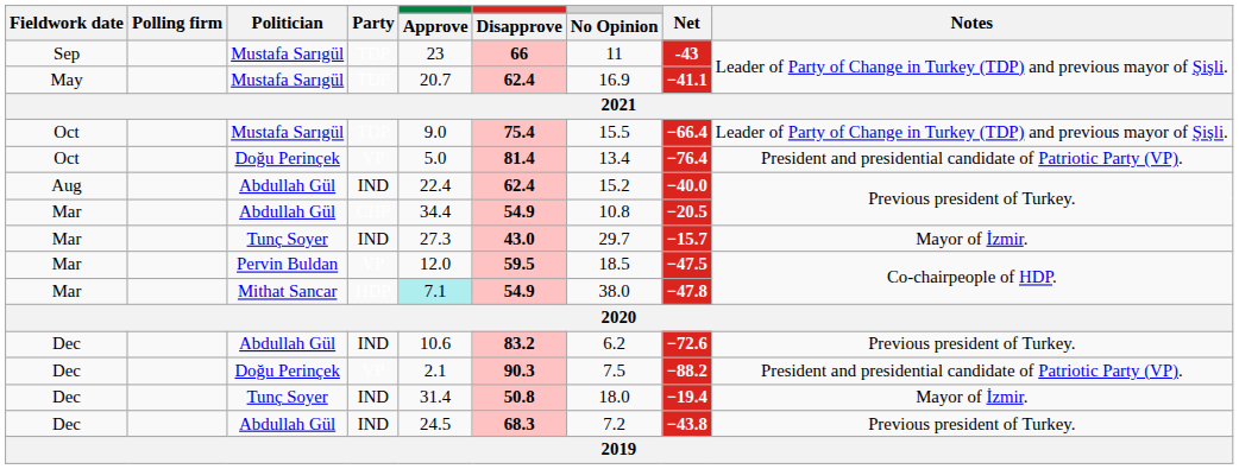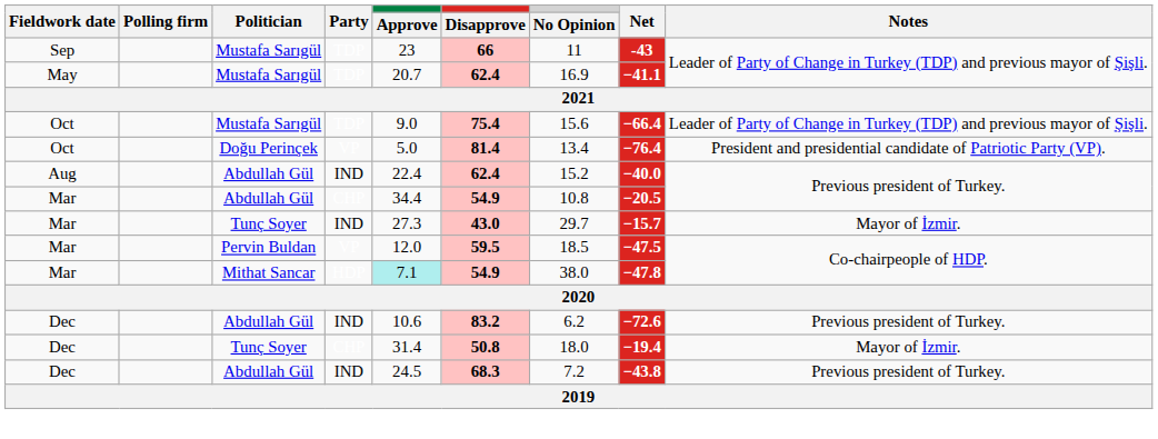 <table class="wikitable mw-collapsible" style="text-align:center; font-size:85%; line-height:14px;">
 <tr>
 <th rowspan="2">Fieldwork date</th>
 <th rowspan="2">Polling firm</th>
 <th rowspan="2">Politician</th>
 <th rowspan="2">Party</th>
 <th style="background: #008142;"></th>
 <th style="background: #DC241F;"></th>
 <th style="background: lightgrey;"></th>
 <th rowspan="2">Net</th>
 <th rowspan="2">Notes</th>
 </tr>
 <tr>
 <th>Approve</th>
 <th>Disapprove</th>
 <th>No Opinion</th>
 </tr>
 <tr>
 <td>Sep</td>
 <td></td>
 <td><a href='#'>Mustafa Sarıgül</a></td>
 <td style="color:white;background:">TDP</td>
 <td>23</td>
 <td style="background:#FFC2C2"><strong>66</strong></td>
 <td>11</td>
 <th style="background:#DC241F; color:white;">-43</th>
 <td rowspan="2">Leader of <a href='#'>Party of Change in Turkey (TDP)</a> and previous mayor of <a href='#'>Şişli</a>.</td>
 </tr>
 <tr>
 <td>May</td>
 <td></td>
 <td><a href='#'>Mustafa Sarıgül</a></td>
 <td style="color:white;background:">TDP</td>
 <td>20.7</td>
 <td style="background:#FFC2C2"><strong>62.4</strong></td>
 <td>16.9</td>
 <th style="background:#DC241F; color:white;">−41.1</th>
 </tr>
 <tr>
 <th colspan="9">2021</th>
 </tr>
 <tr>
 <td>Oct</td>
 <td></td>
 <td><a href='#'>Mustafa Sarıgül</a></td>
 <td style="color:white;background:">TDP</td>
 <td>9.0</td>
 <td style="background:#FFC2C2"><strong>75.4</strong></td>
-<td>15.5</td>
+<td>15.6</td>
 <th style="background:#DC241F; color:white;">−66.4</th>
 <td>Leader of <a href='#'>Party of Change in Turkey (TDP)</a> and previous mayor of <a href='#'>Şişli</a>.</td>
 </tr>
 <tr>
 <td>Oct</td>
 <td></td>
 <td><a href='#'>Doğu Perinçek</a></td>
 <td style="color:white;background:">VP</td>
 <td>5.0</td>
 <td style="background:#FFC2C2"><strong>81.4</strong></td>
 <td>13.4</td>
 <th style="background:#DC241F; color:white;">−76.4</th>
 <td>President and presidential candidate of <a href='#'>Patriotic Party (VP)</a>.</td>
 </tr>
 <tr>
 <td>Aug</td>
 <td></td>
 <td><a href='#'>Abdullah Gül</a></td>
 <td style="background:">IND</td>
 <td>22.4</td>
 <td style="background:#FFC2C2"><strong>62.4</strong></td>
 <td>15.2</td>
 <th style="background:#DC241F; color:white;">−40.0</th>
 <td rowspan=2>Previous president of Turkey.</td>
 </tr>
 <tr>
 <td>Mar</td>
 <td></td>
 <td><a href='#'>Abdullah Gül</a></td>
 <td style="color:white;background:">CHP</td>
 <td>34.4</td>
 <td style="background:#FFC2C2"><strong>54.9</strong></td>
 <td>10.8</td>
 <th style="background:#DC241F; color:white;">−20.5</th>
 </tr>
 <tr>
 <td>Mar</td>
 <td></td>
 <td><a href='#'>Tunç Soyer</a></td>
 <td style="background:">IND</td>
 <td>27.3</td>
 <td style="background:#FFC2C2"><strong>43.0</strong></td>
 <td>29.7</td>
 <th style="background:#DC241F; color:white;">−15.7</th>
 <td>Mayor of <a href='#'>İzmir</a>.</td>
 </tr>
 <tr>
 <td>Mar</td>
 <td></td>
 <td><a href='#'>Pervin Buldan</a></td>
 <td style="color:white;background:">VP</td>
 <td>12.0</td>
 <td style="background:#FFC2C2"><strong>59.5</strong></td>
 <td>18.5</td>
 <th style="background:#DC241F; color:white;">−47.5</th>
 <td rowspan=2>Co-chairpeople of <a href='#'>HDP</a>.</td>
 </tr>
 <tr>
 <td>Mar</td>
 <td></td>
 <td><a href='#'>Mithat Sancar</a></td>
 <td style="color:white;background:">HDP</td>
 <td style="background: paleturquoise;">7.1</td>
 <td style="background:#FFC2C2"><strong>54.9</strong></td>
 <td>38.0</td>
 <th style="background:#DC241F; color:white;">−47.8</th>
 </tr>
 <tr>
 <th colspan="9">2020</th>
 </tr>
 <tr>
 <td>Dec</td>
 <td></td>
 <td><a href='#'>Abdullah Gül</a></td>
 <td style="background:">IND</td>
 <td>10.6</td>
 <td style="background:#FFC2C2"><strong>83.2</strong></td>
 <td>6.2</td>
 <th style="background:#DC241F; color:white;">−72.6</th>
 <td>Previous president of Turkey.</td>
 </tr>
 <tr>
 <td>Dec</td>
 <td></td>
-<td><a href='#'>Doğu Perinçek</a></td>
-<td style="color:white;background:">VP</td>
-<td>2.1</td>
-<td style="background:#FFC2C2"><strong>90.3</strong></td>
-<td>7.5</td>
-<th style="background:#DC241F; color:white;">−88.2</th>
-<td>President and presidential candidate of <a href='#'>Patriotic Party (VP)</a>.</td>
-</tr>
-<tr>
-<td>Dec</td>
-<td></td>
 <td><a href='#'>Tunç Soyer</a></td>
-<td style="background:">IND</td>
+<td style="color:white;background:">CHP</td>
 <td>31.4</td>
 <td style="background:#FFC2C2"><strong>50.8</strong></td>
 <td>18.0</td>
 <th style="background:#DC241F; color:white;">−19.4</th>
 <td>Mayor of <a href='#'>İzmir</a>.</td>
 </tr>
 <tr>
 <td>Dec</td>
 <td></td>
 <td><a href='#'>Abdullah Gül</a></td>
 <td style="background:">IND</td>
 <td>24.5</td>
 <td style="background:#FFC2C2"><strong>68.3</strong></td>
 <td>7.2</td>
 <th style="background:#DC241F; color:white;">−43.8</th>
 <td>Previous president of Turkey.</td>
 </tr>
 <tr>
 <th colspan="9">2019</th>
 </tr>
 </table>
